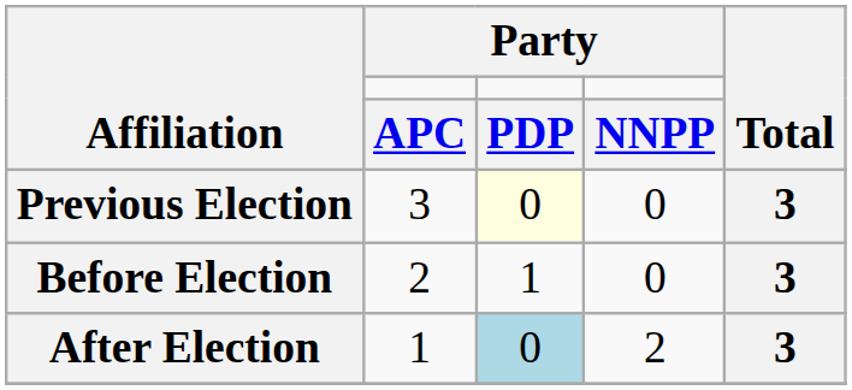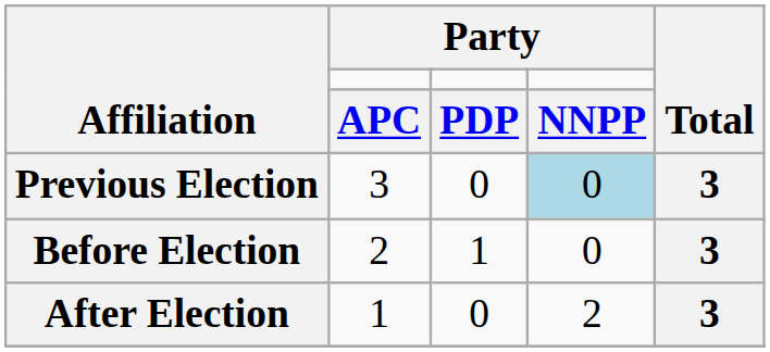 <table class=wikitable style="text-align:center">
 <tr style="vertical-align:bottom;">
 <th rowspan=3>Affiliation</th>
 <th colspan=3>Party</th>
 <th rowspan=3>Total</th>
 </tr>
 <tr>
 <td style="background-color:"></td>
 <td style="background-color:"></td>
 <td style="background-color:"></td>
 </tr>
 <tr>
 <th><a href='#'>APC</a></th>
 <th><a href='#'>PDP</a></th>
 <th><a href='#'>NNPP</a></th>
 </tr>
 <tr>
 <th>Previous Election</th>
 <td>3</td>
-<td style="background: lightyellow;">0</td>
 <td>0</td>
+<td style="background: lightblue;">0</td>
 <th>3</th>
 </tr>
 <tr>
 <th>Before Election</th>
 <td>2</td>
 <td>1</td>
 <td>0</td>
 <th>3</th>
 </tr>
 <tr>
 <th>After Election</th>
 <td>1</td>
-<td style="background: lightblue;">0</td>
+<td>0</td>
 <td>2</td>
 <th>3</th>
 </tr>
 <tr>
 </tr>
 </table>
